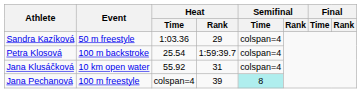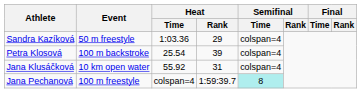 <table class=wikitable style="font-size:90%">
 <tr>
 <th rowspan="2">Athlete</th>
 <th rowspan="2">Event</th>
 <th colspan="2">Heat</th>
 <th colspan="2">Semifinal</th>
 <th colspan="2">Final</th>
 </tr>
 <tr style="font-size:95%">
 <th>Time</th>
 <th>Rank</th>
 <th>Time</th>
 <th>Rank</th>
 <th>Time</th>
 <th>Rank</th>
 </tr>
 <tr align=center>
 <td align=left><a href='#'>Sandra Kazíková</a></td>
 <td align=left><a href='#'>50 m freestyle</a></td>
 <td>1:03.36</td>
 <td>29</td>
 <td>colspan=4 </td>
 </tr>
 <tr align=center>
 <td align=left><a href='#'>Petra Klosová</a></td>
 <td align=left><a href='#'>100 m backstroke</a></td>
 <td>25.54</td>
-<td>1:59:39.7</td>
+<td>39</td>
 <td>colspan=4 </td>
 </tr>
 <tr align=center>
 <td align=left><a href='#'>Jana Klusáčková</a></td>
 <td align=left><a href='#'>10 km open water</a></td>
 <td>55.92</td>
 <td>31</td>
 <td>colspan=4 </td>
 </tr>
 <tr align=center>
 <td align=left><a href='#'>Jana Pechanová</a></td>
 <td align=left><a href='#'>100 m freestyle</a></td>
 <td>colspan=4 </td>
-<td>39</td>
+<td>1:59:39.7</td>
 <td style="background: paleturquoise;">8</td>
 </tr>
 </table>
